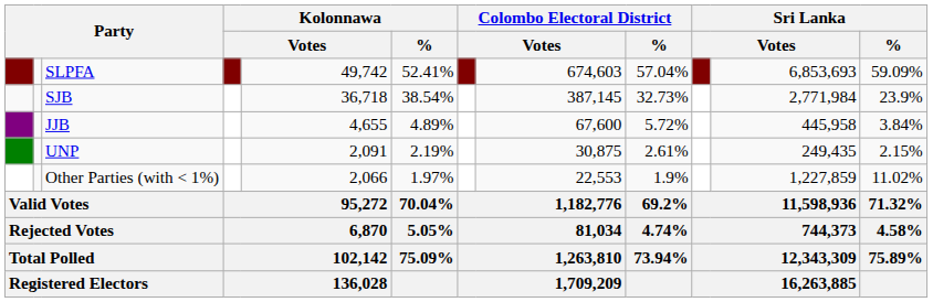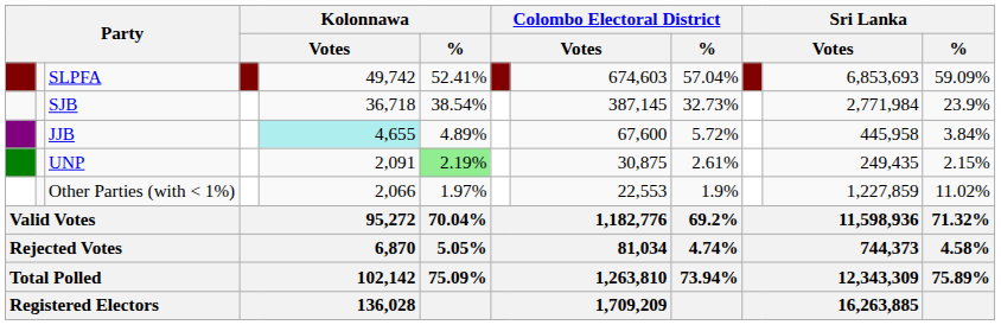 <table class="wikitable">
 <tr>
 <th colspan="3" width="144px"rowspan="2">Party</th>
 <th colspan="3" width="216px">Kolonnawa</th>
 <th colspan="3" width="216px"><a href='#'>Colombo Electoral District</a></th>
 <th colspan="3" width="216px">Sri Lanka</th>
 </tr>
 <tr>
 <th colspan="2" width="144px">Votes</th>
 <th>%</th>
 <th colspan="2" width="144px">Votes</th>
 <th>%</th>
 <th colspan="2" width="144px">Votes</th>
 <th>%</th>
 </tr>
 <tr>
 <td style="background-color:maroon;" width="20px"></td>
 <td></td>
 <td style="text-align:left;"><a href='#'>SLPFA</a></td>
 <td style="background-color:maroon;" width="10px"></td>
 <td style="text-align:right;">49,742</td>
 <td style="text-align:right;">52.41%</td>
 <td style="background-color:maroon;" width="10px"></td>
 <td style="text-align:right;">674,603</td>
 <td style="text-align:right;">57.04%</td>
 <td style="background-color:maroon;" width="10px"></td>
 <td style="text-align:right;">6,853,693</td>
 <td style="text-align:right;">59.09%</td>
 </tr>
 <tr>
 <td style="background-color:"></td>
 <td></td>
 <td style="text-align:left;"><a href='#'>SJB</a></td>
 <td style="background-color:white;" width="10px"></td>
 <td style="text-align:right;">36,718</td>
 <td style="text-align:right;">38.54%</td>
 <td style="background-color:white;" width="10px"></td>
 <td style="text-align:right;">387,145</td>
 <td style="text-align:right;">32.73%</td>
 <td style="background-color:white;" width="10px"></td>
 <td style="text-align:right;">2,771,984</td>
 <td style="text-align:right;">23.9%</td>
 </tr>
 <tr>
 <td style="background-color:purple;" width="20px"></td>
 <td></td>
 <td style="text-align:left;"><a href='#'>JJB</a></td>
 <td style="background-color:white;" width="10px"></td>
-<td style="text-align:right;">4,655</td>
+<td style="background: paleturquoise; text-align:right;">4,655</td>
 <td style="text-align:right;">4.89%</td>
 <td style="background-color:white;" width="10px"></td>
 <td style="text-align:right;">67,600</td>
 <td style="text-align:right;">5.72%</td>
 <td style="background-color:white;" width="10px"></td>
 <td style="text-align:right;">445,958</td>
 <td style="text-align:right;">3.84%</td>
 </tr>
 <tr>
 <td style="background-color:green;" width="20px"></td>
 <td></td>
 <td style="text-align:left;"><a href='#'>UNP</a></td>
 <td style="background-color:white;" width="10px"></td>
 <td style="text-align:right;">2,091</td>
-<td style="text-align:right;">2.19%</td>
+<td style="background: lightgreen; text-align:right;">2.19%</td>
 <td style="background-color:white;" width="10px"></td>
 <td style="text-align:right;">30,875</td>
 <td style="text-align:right;">2.61%</td>
 <td style="background-color:white;" width="10px"></td>
 <td style="text-align:right;">249,435</td>
 <td style="text-align:right;">2.15%</td>
 </tr>
 <tr>
 <td style="background-color:white;" width="20px"></td>
 <td></td>
 <td style="text-align:left;">Other Parties (with < 1%)</td>
 <td style="background-color:white;" width="10px"></td>
 <td style="text-align:right;">2,066</td>
 <td style="text-align:right;">1.97%</td>
 <td style="background-color:white;" width="10px"></td>
 <td style="text-align:right;">22,553</td>
 <td style="text-align:right;">1.9%</td>
 <td style="background-color:white;" width="10px"></td>
 <td style="text-align:right;">1,227,859</td>
 <td style="text-align:right;">11.02%</td>
 </tr>
 <tr>
 <th colspan="3" width="144px"style="text-align:left;">Valid Votes</th>
 <th style="text-align:right;"colspan="2" width="144px">95,272</th>
 <th style="text-align:right;">70.04%</th>
 <th style="text-align:right;"colspan="2" width="144px">1,182,776</th>
 <th style="text-align:right;">69.2%</th>
 <th style="text-align:right;"colspan="2" width="144px">11,598,936</th>
 <th style="text-align:right;">71.32%</th>
 </tr>
 <tr>
 <th colspan="3" width="144px"style="text-align:left;">Rejected Votes</th>
 <th style="text-align:right;"colspan="2" width="144px">6,870</th>
 <th style="text-align:right;">5.05%</th>
 <th style="text-align:right;"colspan="2" width="144px">81,034</th>
 <th style="text-align:right;">4.74%</th>
 <th style="text-align:right;"colspan="2" width="144px">744,373</th>
 <th style="text-align:right;">4.58%</th>
 </tr>
 <tr>
 <th colspan="3" width="144px"style="text-align:left;">Total Polled</th>
 <th style="text-align:right;"colspan="2" width="144px">102,142</th>
 <th style="text-align:right;">75.09%</th>
 <th style="text-align:right;"colspan="2" width="144px">1,263,810</th>
 <th style="text-align:right;">73.94%</th>
 <th style="text-align:right;"colspan="2" width="144px">12,343,309</th>
 <th style="text-align:right;">75.89%</th>
 </tr>
 <tr>
 <th colspan="3" width="144px"style="text-align:left;">Registered Electors</th>
 <th style="text-align:right;"colspan="2" width="144px">136,028</th>
 <th></th>
 <th style="text-align:right;"colspan="2" width="144px">1,709,209</th>
 <th></th>
 <th style="text-align:right;"colspan="2" width="144px">16,263,885</th>
 <th></th>
 </tr>
 </table>
